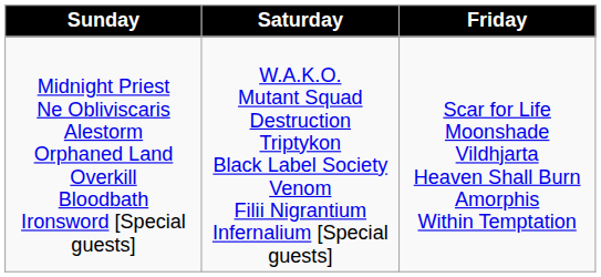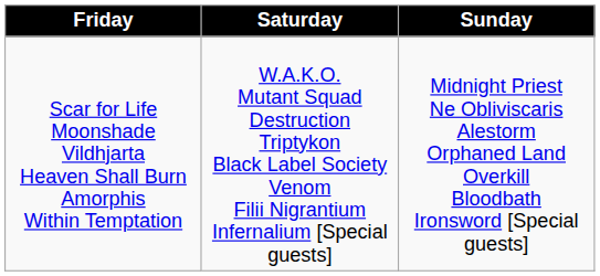 <table class="wikitable">
 <tr>
+<th width=150px style="background:black; color:white">Friday</th>
+<th width=150px style="background:black; color:white">Saturday</th>
 <th width=150px style="background:black; color:white">Sunday</th>
-<th width=150px style="background:black; color:white">Saturday</th>
-<th width=150px style="background:black; color:white">Friday</th>
 </tr>
 <tr>
+<td style="text-align: center;"><br><a href='#'>Scar for Life</a><br> <a href='#'>Moonshade</a><br> <a href='#'>Vildhjarta</a><br> <a href='#'>Heaven Shall Burn</a><br> <a href='#'>Amorphis</a><br> <a href='#'>Within Temptation</a></td>
+<td style="text-align: center;"><br><a href='#'>W.A.K.O.</a><br> <a href='#'>Mutant Squad</a><br> <a href='#'>Destruction</a><br> <a href='#'>Triptykon</a><br> <a href='#'>Black Label Society</a><br> <a href='#'>Venom</a><br> <a href='#'>Filii Nigrantium Infernalium</a> [Special guests]</td>
 <td style="text-align: center;"><br><a href='#'>Midnight Priest</a><br> <a href='#'>Ne Obliviscaris</a><br> <a href='#'>Alestorm</a><br> <a href='#'>Orphaned Land</a><br> <a href='#'>Overkill</a><br> <a href='#'>Bloodbath</a><br> <a href='#'>Ironsword</a> [Special guests]</td>
-<td style="text-align: center;"><br><a href='#'>W.A.K.O.</a><br> <a href='#'>Mutant Squad</a><br> <a href='#'>Destruction</a><br> <a href='#'>Triptykon</a><br> <a href='#'>Black Label Society</a><br> <a href='#'>Venom</a><br> <a href='#'>Filii Nigrantium Infernalium</a> [Special guests]</td>
-<td style="text-align: center;"><br><a href='#'>Scar for Life</a><br> <a href='#'>Moonshade</a><br> <a href='#'>Vildhjarta</a><br> <a href='#'>Heaven Shall Burn</a><br> <a href='#'>Amorphis</a><br> <a href='#'>Within Temptation</a></td>
 </tr>
 </table>
